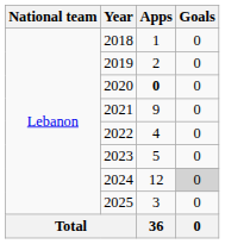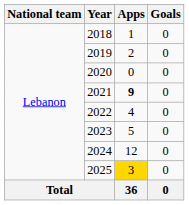 <table class="wikitable" style="text-align:center">
 <tr>
 <th>National team</th>
 <th>Year</th>
 <th>Apps</th>
 <th>Goals</th>
 </tr>
 <tr>
 <td rowspan="8"><a href='#'>Lebanon</a></td>
 <td>2018</td>
 <td>1</td>
 <td>0</td>
 </tr>
 <tr>
 <td>2019</td>
 <td>2</td>
 <td>0</td>
 </tr>
 <tr>
 <td>2020</td>
-<td><strong>0</strong></td>
+<td>0</td>
 <td>0</td>
 </tr>
 <tr>
 <td>2021</td>
-<td>9</td>
+<td><strong>9</strong></td>
 <td>0</td>
 </tr>
 <tr>
 <td>2022</td>
 <td>4</td>
 <td>0</td>
 </tr>
 <tr>
 <td>2023</td>
 <td>5</td>
 <td>0</td>
 </tr>
 <tr>
 <td>2024</td>
 <td>12</td>
-<td style="background: lightgrey;">0</td>
+<td>0</td>
 </tr>
 <tr>
 <td>2025</td>
-<td>3</td>
+<td style="background: gold;">3</td>
 <td>0</td>
 </tr>
 <tr>
 <th colspan="2">Total</th>
 <th>36</th>
 <th>0</th>
 </tr>
 </table>
